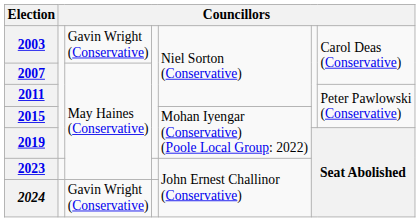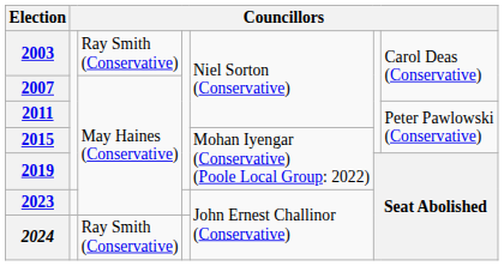 <table class="wikitable">
 <tr>
 <th>Election</th>
 <th colspan="6">Councillors</th>
 </tr>
 <tr>
 <th><a href='#'>2003</a></th>
 <td rowspan="5" style="background-color: "></td>
-<td>Gavin Wright<br>(<a href='#'>Conservative</a>)</td>
+<td>Ray Smith<br>(<a href='#'>Conservative</a>)</td>
 <td rowspan="5" style="background-color: "></td>
 <td rowspan="3">Niel Sorton<br>(<a href='#'>Conservative</a>)</td>
 <td rowspan="4" style="background-color: "></td>
 <td rowspan="2">Carol Deas<br>(<a href='#'>Conservative</a>)</td>
 </tr>
 <tr>
 <th><a href='#'>2007</a></th>
 <td rowspan="5">May Haines<br>(<a href='#'>Conservative</a>)</td>
 </tr>
 <tr>
 <th><a href='#'>2011</a></th>
 <td rowspan="2">Peter Pawlowski<br>(<a href='#'>Conservative</a>)</td>
 </tr>
 <tr>
 <th><a href='#'>2015</a></th>
 <td rowspan="2">Mohan Iyengar<br>(<a href='#'>Conservative</a>)<br>(<a href='#'>Poole Local Group</a>: 2022)</td>
 </tr>
 <tr>
 <th><a href='#'>2019</a></th>
 <th colspan="2" rowspan="3">Seat Abolished</th>
 </tr>
 <tr>
 <th><a href='#'>2023</a></th>
 <td rowspan="1;" style="background-color: "></td>
 <td rowspan="1;" style="background-color: "></td>
 <td rowspan="2">John Ernest Challinor<br>(<a href='#'>Conservative</a>)</td>
 </tr>
 <tr>
 <th><em>2024</em></th>
 <td rowspan="1;" style="background-color: "></td>
-<td>Gavin Wright<br>(<a href='#'>Conservative</a>)</td>
+<td>Ray Smith<br>(<a href='#'>Conservative</a>)</td>
 <td rowspan="1;" style="background-color: "></td>
 </tr>
 </table>
